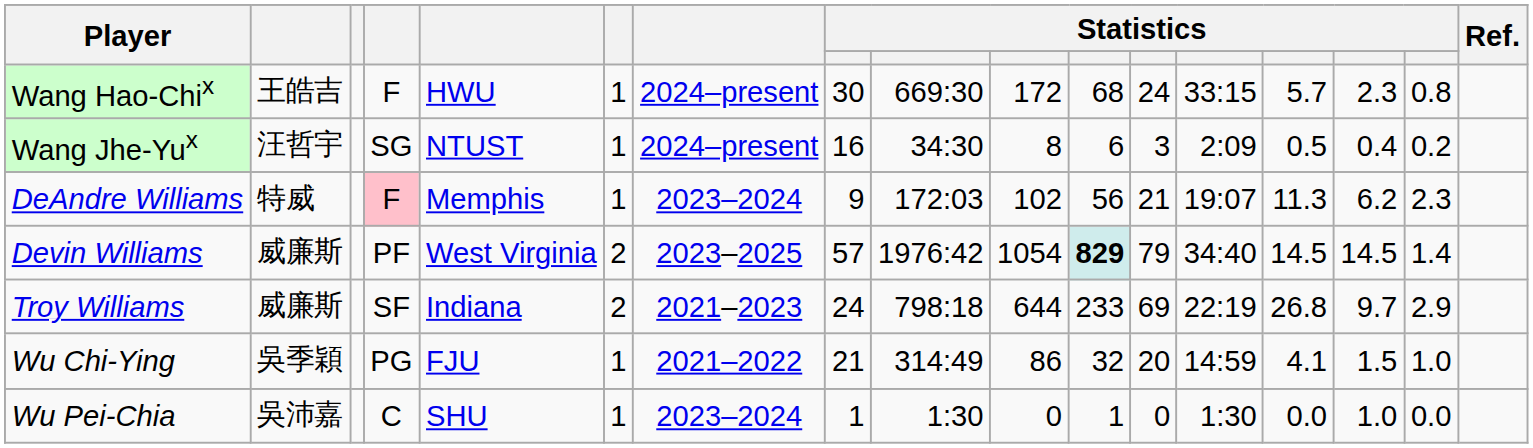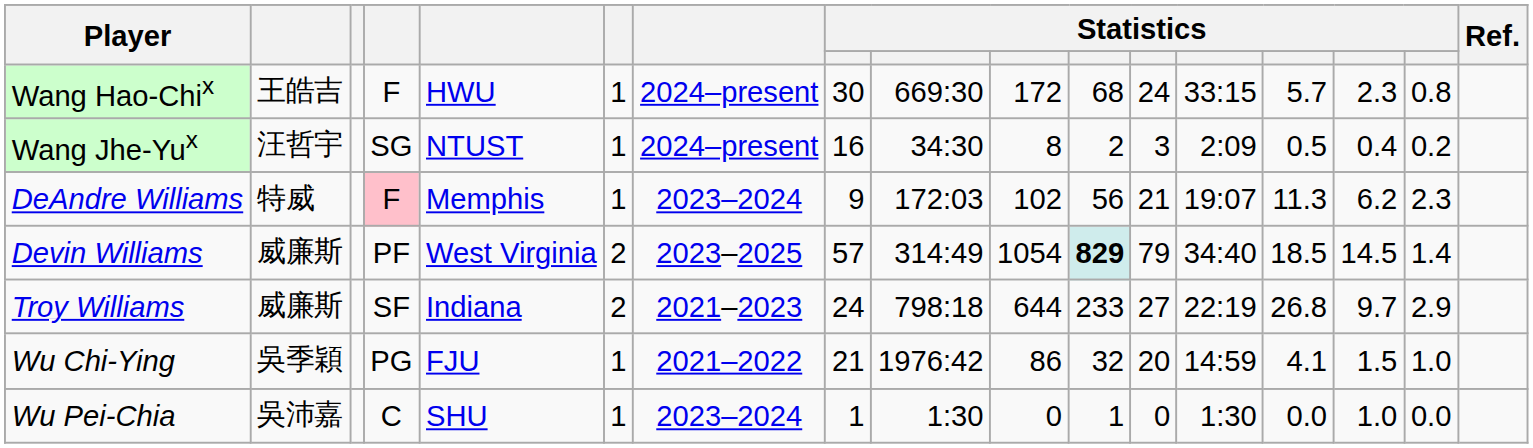 <table class="wikitable sortable" style="font-size:95%; text-align:right;">
 <tr>
 <th rowspan="2">Player</th>
 <th rowspan="2"></th>
 <th rowspan="2"></th>
 <th rowspan="2"></th>
 <th rowspan="2"></th>
 <th rowspan="2"></th>
 <th rowspan="2"></th>
 <th colspan="9">Statistics</th>
 <th rowspan="2">Ref.</th>
 </tr>
 <tr>
 <th></th>
 <th></th>
 <th></th>
 <th></th>
 <th></th>
 <th></th>
 <th></th>
 <th></th>
 <th></th>
 </tr>
 <tr>
 <td align="left" bgcolor="#CCFFCC">Wang Hao-Chi<sup>x</sup></td>
 <td align="left">王皓吉</td>
 <td align="center"></td>
 <td align="center">F</td>
 <td align="left"><a href='#'>HWU</a></td>
 <td align="center">1</td>
 <td align="center"><a href='#'>2024–present</a></td>
 <td>30</td>
 <td>669:30</td>
 <td>172</td>
 <td>68</td>
 <td>24</td>
 <td>33:15</td>
 <td>5.7</td>
 <td>2.3</td>
 <td>0.8</td>
 <td align="center"></td>
 </tr>
 <tr>
 <td align="left" bgcolor="#CCFFCC">Wang Jhe-Yu<sup>x</sup></td>
 <td align="left">汪哲宇</td>
 <td align="center"></td>
 <td align="center">SG</td>
 <td align="left"><a href='#'>NTUST</a></td>
 <td align="center">1</td>
 <td align="center"><a href='#'>2024–present</a></td>
 <td>16</td>
 <td>34:30</td>
 <td>8</td>
-<td>6</td>
+<td>2</td>
 <td>3</td>
 <td>2:09</td>
 <td>0.5</td>
 <td>0.4</td>
 <td>0.2</td>
 <td align="center"></td>
 </tr>
 <tr>
 <td align="left"><em><a href='#'>DeAndre Williams</a></em></td>
 <td align="left">特威</td>
 <td align="center"></td>
 <td align="center" style="background: pink;">F</td>
 <td align="left"><a href='#'>Memphis</a></td>
 <td align="center">1</td>
 <td align="center"><a href='#'>2023–2024</a></td>
 <td>9</td>
 <td>172:03</td>
 <td>102</td>
 <td>56</td>
 <td>21</td>
 <td>19:07</td>
 <td>11.3</td>
 <td>6.2</td>
 <td>2.3</td>
 <td align="center"></td>
 </tr>
 <tr>
 <td align="left"><em><a href='#'>Devin Williams</a></em></td>
 <td align="left">威廉斯</td>
 <td align="center"></td>
 <td align="center">PF</td>
 <td align="left"><a href='#'>West Virginia</a></td>
 <td align="center">2</td>
 <td align="center"><a href='#'>2023</a>–<a href='#'>2025</a></td>
 <td>57</td>
-<td>1976:42</td>
+<td>314:49</td>
 <td>1054</td>
 <td bgcolor="#CFECEC"><strong>829</strong></td>
 <td>79</td>
 <td>34:40</td>
-<td>14.5</td>
+<td>18.5</td>
 <td>14.5</td>
 <td>1.4</td>
 <td align="center"></td>
 </tr>
 <tr>
 <td align="left"><em><a href='#'>Troy Williams</a></em></td>
 <td align="left">威廉斯</td>
 <td align="center"></td>
 <td align="center">SF</td>
 <td align="left"><a href='#'>Indiana</a></td>
 <td align="center">2</td>
 <td align="center"><a href='#'>2021</a>–<a href='#'>2023</a></td>
 <td>24</td>
 <td>798:18</td>
 <td>644</td>
 <td>233</td>
-<td>69</td>
+<td>27</td>
 <td>22:19</td>
 <td>26.8</td>
 <td>9.7</td>
 <td>2.9</td>
 <td align="center"></td>
 </tr>
 <tr>
 <td align="left"><em>Wu Chi-Ying</em></td>
 <td align="left">吳季穎</td>
 <td align="center"></td>
 <td align="center">PG</td>
 <td align="left"><a href='#'>FJU</a></td>
 <td align="center">1</td>
 <td align="center"><a href='#'>2021–2022</a></td>
 <td>21</td>
-<td>314:49</td>
+<td>1976:42</td>
 <td>86</td>
 <td>32</td>
 <td>20</td>
 <td>14:59</td>
 <td>4.1</td>
 <td>1.5</td>
 <td>1.0</td>
 <td align="center"></td>
 </tr>
 <tr>
 <td align="left"><em>Wu Pei-Chia</em></td>
 <td align="left">吳沛嘉</td>
 <td align="center"></td>
 <td align="center">C</td>
 <td align="left"><a href='#'>SHU</a></td>
 <td align="center">1</td>
 <td align="center"><a href='#'>2023–2024</a></td>
 <td>1</td>
 <td>1:30</td>
 <td>0</td>
 <td>1</td>
 <td>0</td>
 <td>1:30</td>
 <td>0.0</td>
 <td>1.0</td>
 <td>0.0</td>
 <td align="center"></td>
 </tr>
 </table>
